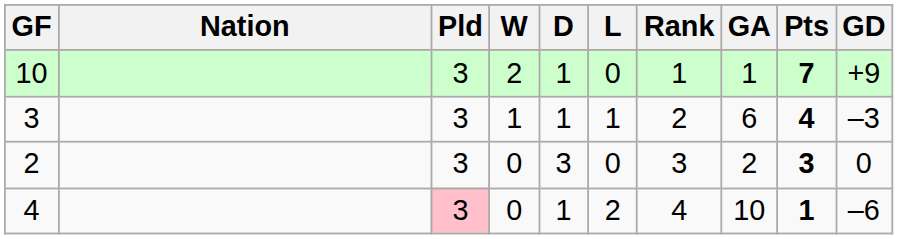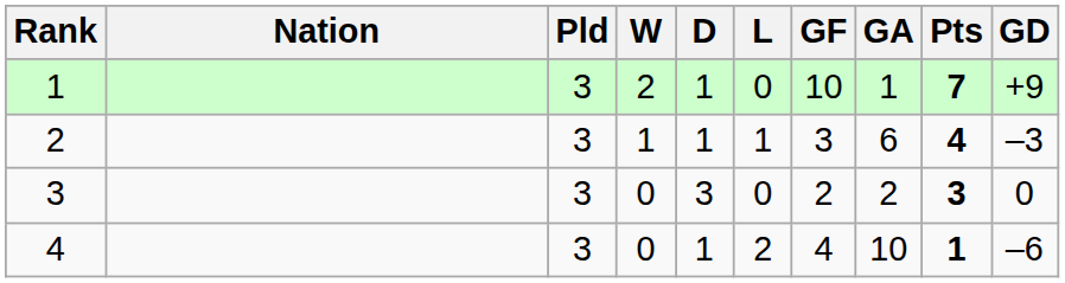 <table class="wikitable" style="text-align:center;">
 <tr>
-<th width=20 abbr="Goals for">GF</th>
+<th width=5>Rank</th>
 <th width=200>Nation</th>
 <th width=20 abbr="Played">Pld</th>
 <th width=20 abbr="Won">W</th>
 <th width=20 abbr="Drawn">D</th>
 <th width=20 abbr="Lost">L</th>
-<th width=5>Rank</th>
+<th width=20 abbr="Goals for">GF</th>
 <th width=20 abbr="Goals against">GA</th>
 <th width=20 abbr="Points">Pts</th>
 <th width=20 abbr="Goal difference">GD</th>
 </tr>
 <tr style="background:#ccffcc">
-<td>10</td>
+<td>1</td>
 <td align=left></td>
 <td>3</td>
 <td>2</td>
 <td>1</td>
 <td>0</td>
-<td>1</td>
+<td>10</td>
 <td>1</td>
 <td><strong>7</strong></td>
 <td>+9</td>
 </tr>
 <tr>
-<td>3</td>
+<td>2</td>
 <td align=left></td>
 <td>3</td>
 <td>1</td>
 <td>1</td>
 <td>1</td>
-<td>2</td>
+<td>3</td>
 <td>6</td>
 <td><strong>4</strong></td>
 <td>–3</td>
 </tr>
 <tr>
-<td>2</td>
+<td>3</td>
 <td align=left></td>
 <td>3</td>
 <td>0</td>
 <td>3</td>
 <td>0</td>
-<td>3</td>
+<td>2</td>
 <td>2</td>
 <td><strong>3</strong></td>
 <td>0</td>
 </tr>
 <tr>
 <td>4</td>
 <td align=left></td>
-<td style="background: pink;">3</td>
+<td>3</td>
 <td>0</td>
 <td>1</td>
 <td>2</td>
 <td>4</td>
 <td>10</td>
 <td><strong>1</strong></td>
 <td>–6</td>
 </tr>
 </table>
